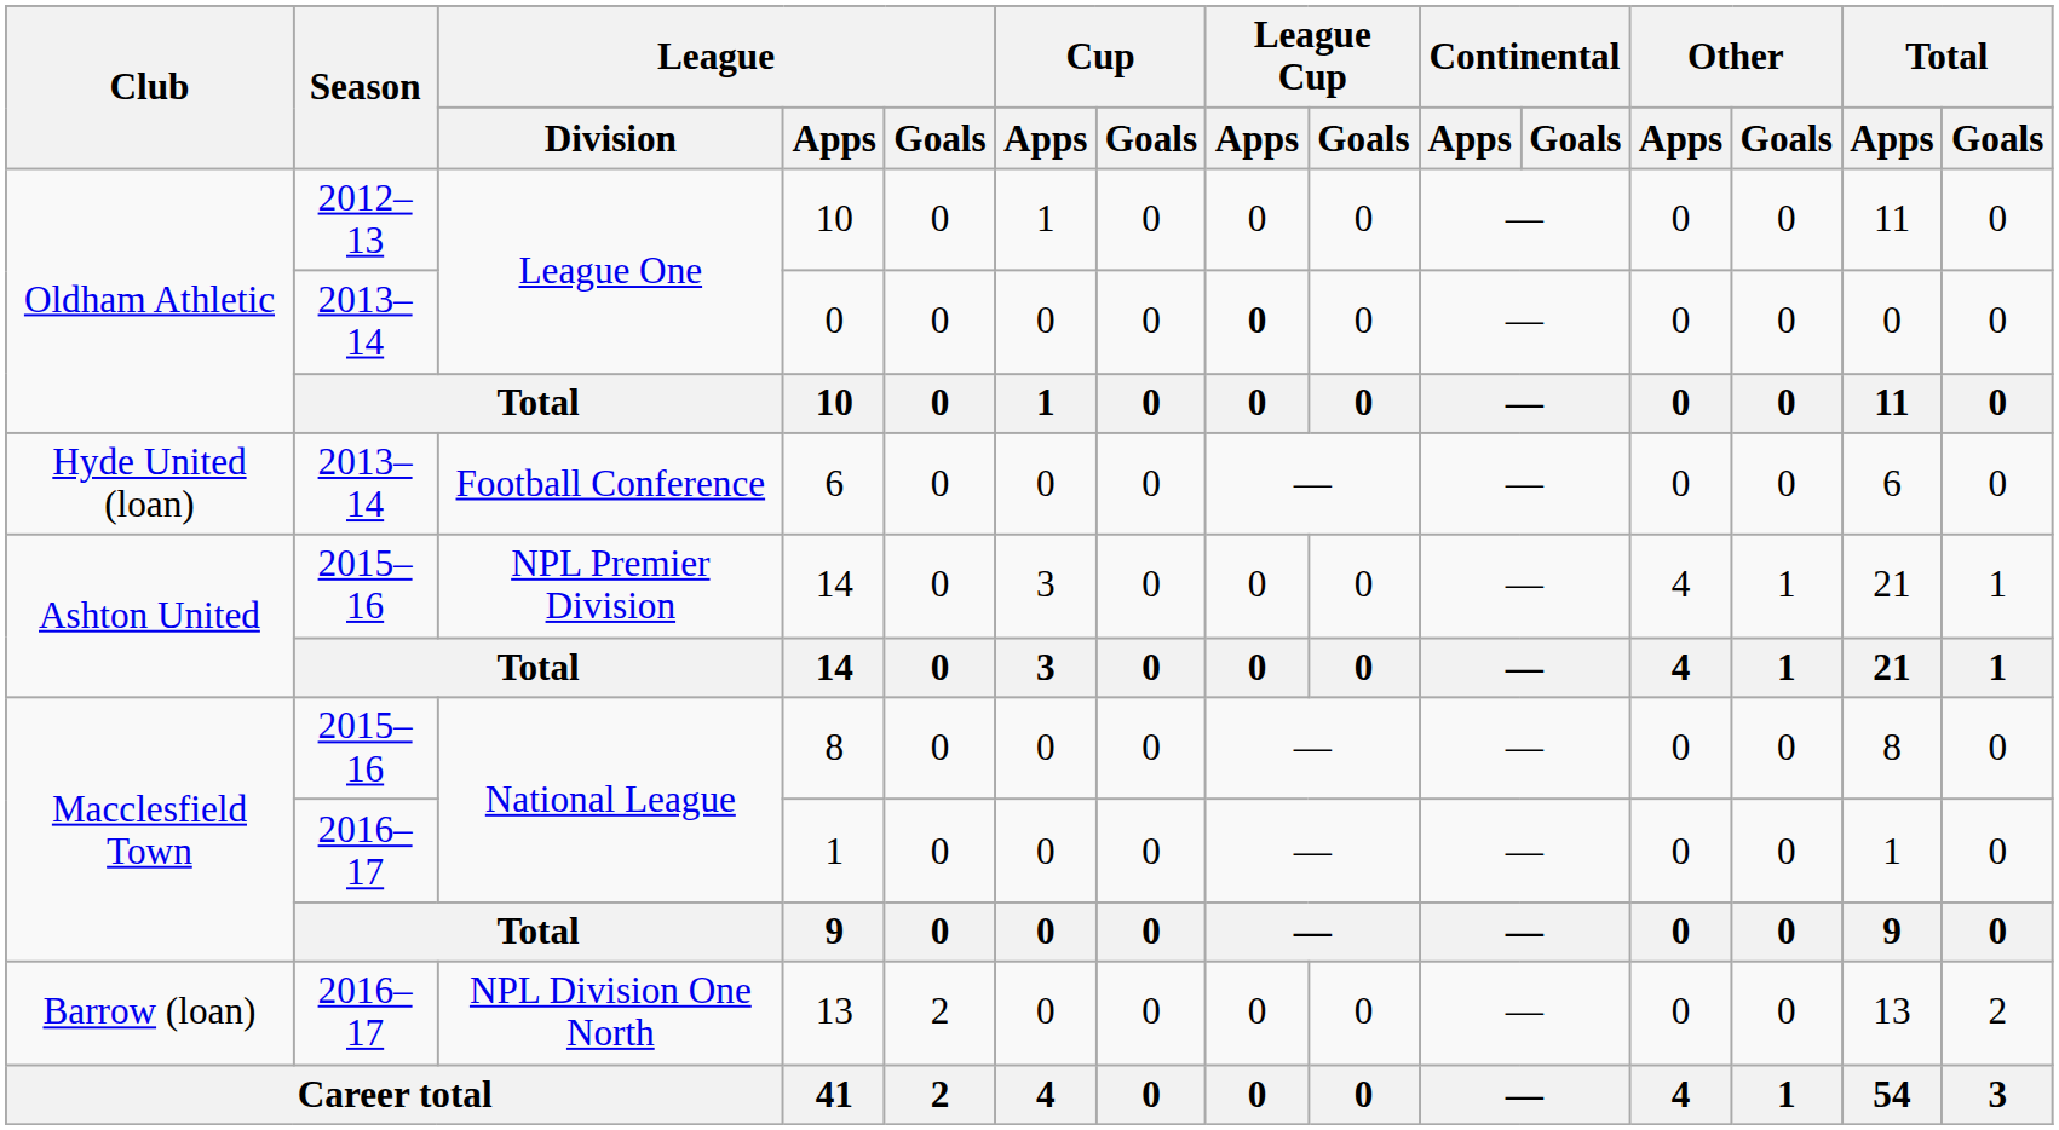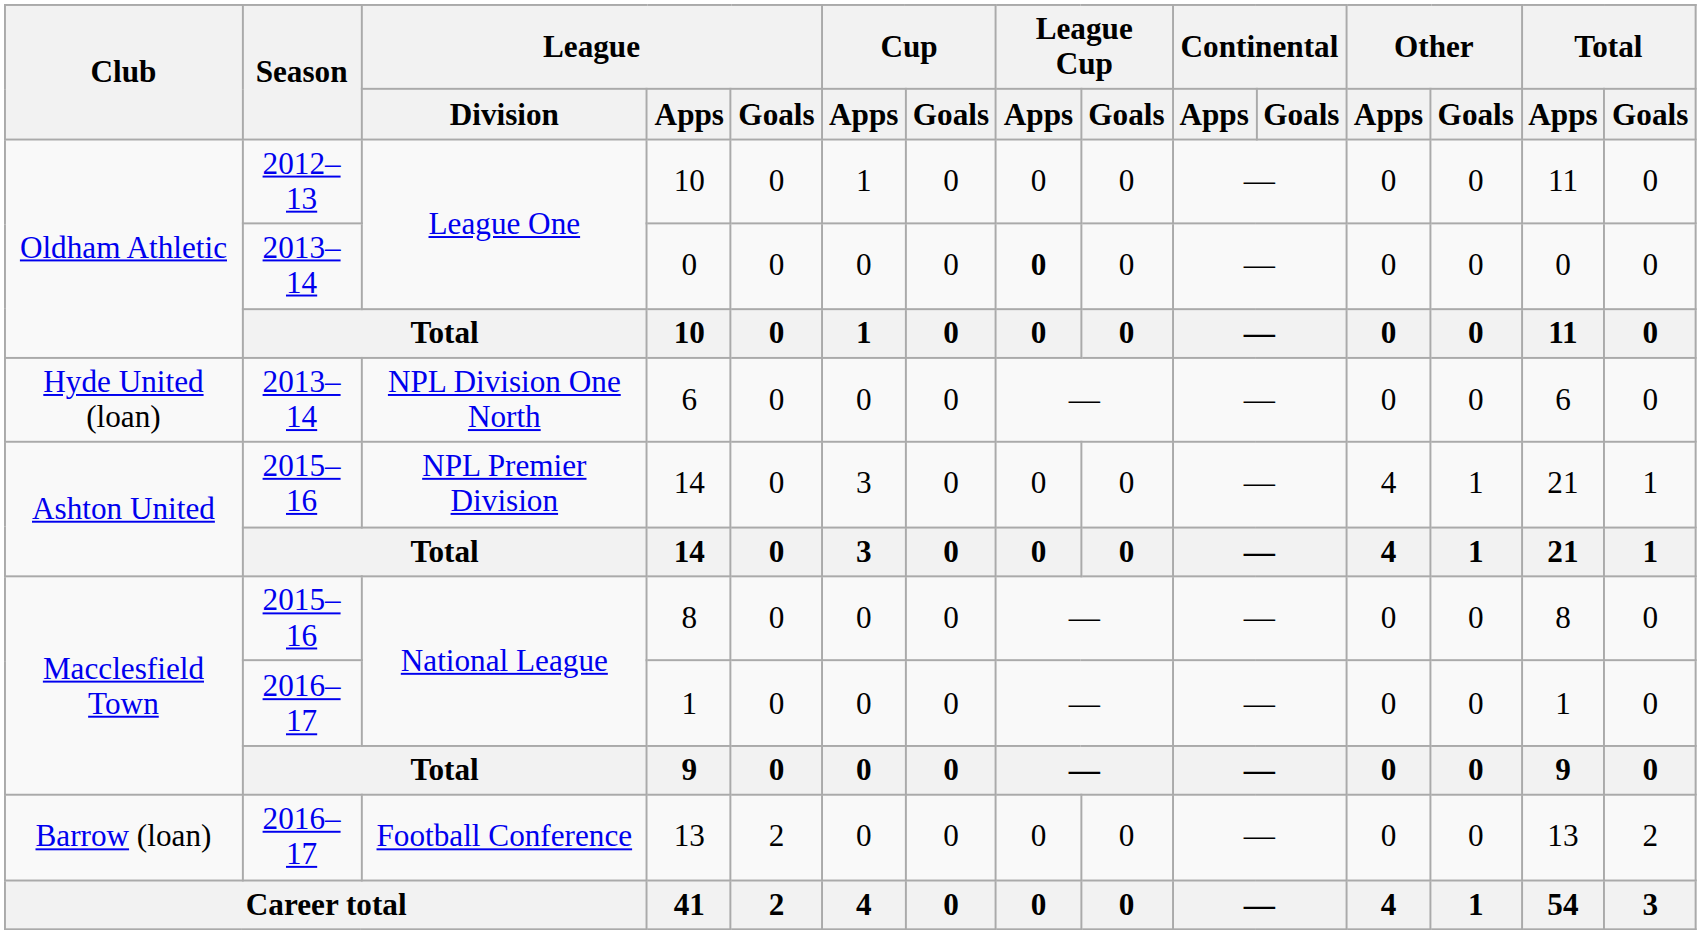 <table class="wikitable" style="text-align:center">
 <tr>
 <th rowspan="2">Club</th>
 <th rowspan="2">Season</th>
 <th colspan="3">League</th>
 <th colspan="2">Cup</th>
 <th colspan="2">League Cup</th>
 <th colspan="2">Continental</th>
 <th colspan="2">Other</th>
 <th colspan="2">Total</th>
 </tr>
 <tr>
 <th>Division</th>
 <th>Apps</th>
 <th>Goals</th>
 <th>Apps</th>
 <th>Goals</th>
 <th>Apps</th>
 <th>Goals</th>
 <th>Apps</th>
 <th>Goals</th>
 <th>Apps</th>
 <th>Goals</th>
 <th>Apps</th>
 <th>Goals</th>
 </tr>
 <tr>
 <td rowspan="3"><a href='#'>Oldham Athletic</a></td>
 <td><a href='#'>2012–13</a></td>
 <td rowspan="2"><a href='#'>League One</a></td>
 <td>10</td>
 <td>0</td>
 <td>1</td>
 <td>0</td>
 <td>0</td>
 <td>0</td>
 <td colspan="2">—</td>
 <td>0</td>
 <td>0</td>
 <td>11</td>
 <td>0</td>
 </tr>
 <tr>
 <td><a href='#'>2013–14</a></td>
 <td>0</td>
 <td>0</td>
 <td>0</td>
 <td>0</td>
 <td><strong>0</strong></td>
 <td>0</td>
 <td colspan="2">—</td>
 <td>0</td>
 <td>0</td>
 <td>0</td>
 <td>0</td>
 </tr>
 <tr>
 <th colspan="2">Total</th>
 <th>10</th>
 <th>0</th>
 <th>1</th>
 <th>0</th>
 <th>0</th>
 <th>0</th>
 <th colspan="2">—</th>
 <th>0</th>
 <th>0</th>
 <th>11</th>
 <th>0</th>
 </tr>
 <tr>
 <td rowspan="1"><a href='#'>Hyde United</a> (loan)</td>
 <td><a href='#'>2013–14</a></td>
-<td rowspan="1"><a href='#'>Football Conference</a></td>
+<td rowspan="1"><a href='#'>NPL Division One North</a></td>
 <td>6</td>
 <td>0</td>
 <td>0</td>
 <td>0</td>
 <td colspan="2">—</td>
 <td colspan="2">—</td>
 <td>0</td>
 <td>0</td>
 <td>6</td>
 <td>0</td>
 </tr>
 <tr>
 <td rowspan="2"><a href='#'>Ashton United</a></td>
 <td><a href='#'>2015–16</a></td>
 <td rowspan="1"><a href='#'>NPL Premier Division</a></td>
 <td>14</td>
 <td>0</td>
 <td>3</td>
 <td>0</td>
 <td>0</td>
 <td>0</td>
 <td colspan="2">—</td>
 <td>4</td>
 <td>1</td>
 <td>21</td>
 <td>1</td>
 </tr>
 <tr>
 <th colspan="2">Total</th>
 <th>14</th>
 <th>0</th>
 <th>3</th>
 <th>0</th>
 <th>0</th>
 <th>0</th>
 <th colspan="2">—</th>
 <th>4</th>
 <th>1</th>
 <th>21</th>
 <th>1</th>
 </tr>
 <tr>
 <td rowspan="3"><a href='#'>Macclesfield Town</a></td>
 <td><a href='#'>2015–16</a></td>
 <td rowspan="2"><a href='#'>National League</a></td>
 <td>8</td>
 <td>0</td>
 <td>0</td>
 <td>0</td>
 <td colspan="2">—</td>
 <td colspan="2">—</td>
 <td>0</td>
 <td>0</td>
 <td>8</td>
 <td>0</td>
 </tr>
 <tr>
 <td><a href='#'>2016–17</a></td>
 <td>1</td>
 <td>0</td>
 <td>0</td>
 <td>0</td>
 <td colspan="2">—</td>
 <td colspan="2">—</td>
 <td>0</td>
 <td>0</td>
 <td>1</td>
 <td>0</td>
 </tr>
 <tr>
 <th colspan="2">Total</th>
 <th>9</th>
 <th>0</th>
 <th>0</th>
 <th>0</th>
 <th colspan="2">—</th>
 <th colspan="2">—</th>
 <th>0</th>
 <th>0</th>
 <th>9</th>
 <th>0</th>
 </tr>
 <tr>
 <td><a href='#'>Barrow</a> (loan)</td>
 <td><a href='#'>2016–17</a></td>
-<td rowspan="1"><a href='#'>NPL Division One North</a></td>
+<td rowspan="1"><a href='#'>Football Conference</a></td>
 <td>13</td>
 <td>2</td>
 <td>0</td>
 <td>0</td>
 <td>0</td>
 <td>0</td>
 <td colspan="2">—</td>
 <td>0</td>
 <td>0</td>
 <td>13</td>
 <td>2</td>
 </tr>
 <tr>
 <th colspan="3">Career total</th>
 <th>41</th>
 <th>2</th>
 <th>4</th>
 <th>0</th>
 <th>0</th>
 <th>0</th>
 <th colspan="2">—</th>
 <th>4</th>
 <th>1</th>
 <th>54</th>
 <th>3</th>
 </tr>
 </table>
